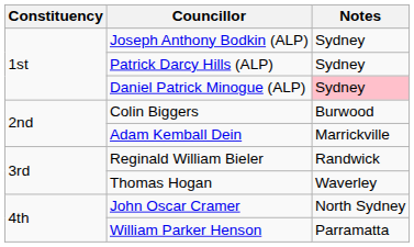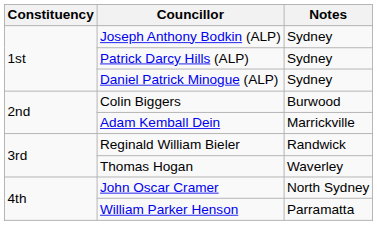 <table class="wikitable">
 <tr>
 <th>Constituency</th>
 <th>Councillor</th>
 <th>Notes</th>
 </tr>
 <tr>
 <td rowspan="3">1st</td>
 <td><a href='#'>Joseph Anthony Bodkin</a> (ALP)</td>
 <td>Sydney</td>
 </tr>
 <tr>
 <td><a href='#'>Patrick Darcy Hills</a> (ALP)</td>
 <td>Sydney</td>
 </tr>
 <tr>
 <td><a href='#'>Daniel Patrick Minogue</a> (ALP)</td>
-<td style="background: pink;">Sydney</td>
+<td>Sydney</td>
 </tr>
 <tr>
 <td rowspan="2">2nd</td>
 <td>Colin Biggers</td>
 <td>Burwood</td>
 </tr>
 <tr>
 <td><a href='#'>Adam Kemball Dein</a></td>
 <td>Marrickville</td>
 </tr>
 <tr>
 <td rowspan="2">3rd</td>
 <td>Reginald William Bieler</td>
 <td>Randwick</td>
 </tr>
 <tr>
 <td>Thomas Hogan</td>
 <td>Waverley</td>
 </tr>
 <tr>
 <td rowspan="2">4th</td>
 <td><a href='#'>John Oscar Cramer</a></td>
 <td>North Sydney</td>
 </tr>
 <tr>
 <td><a href='#'>William Parker Henson</a></td>
 <td>Parramatta</td>
 </tr>
 </table>
